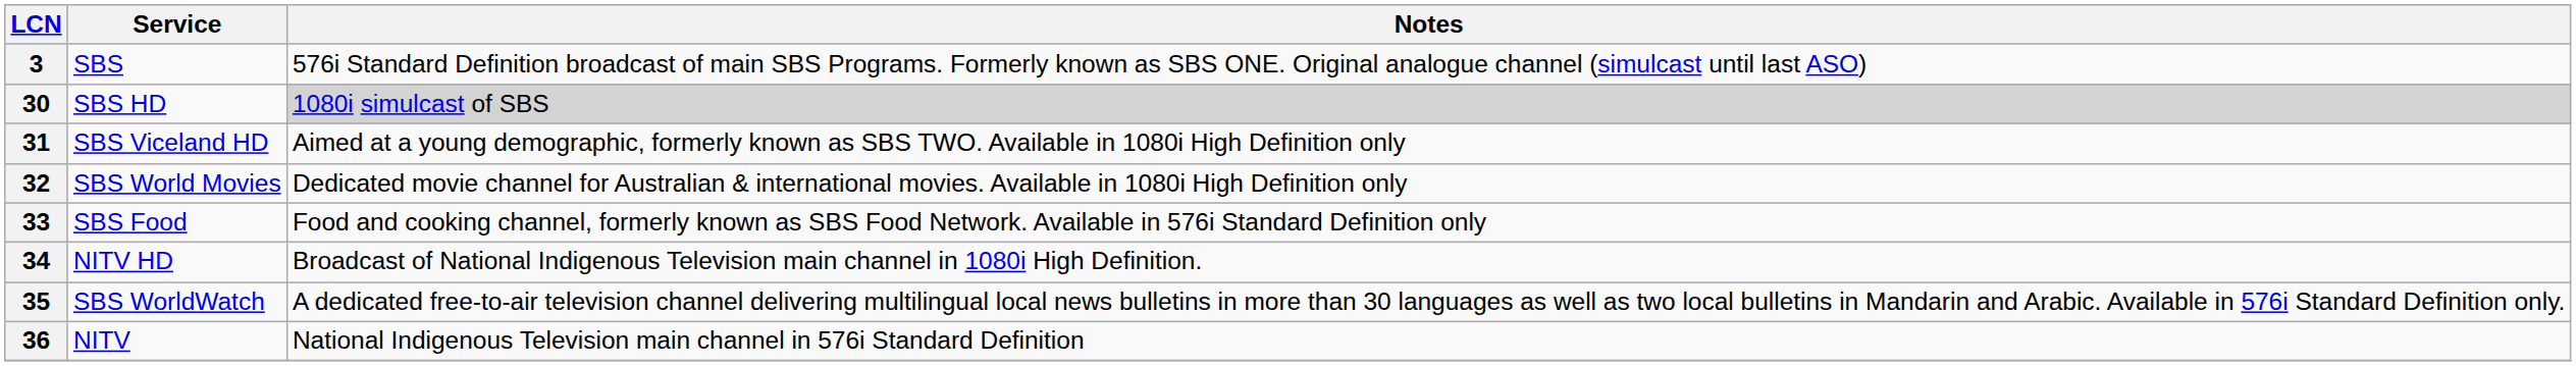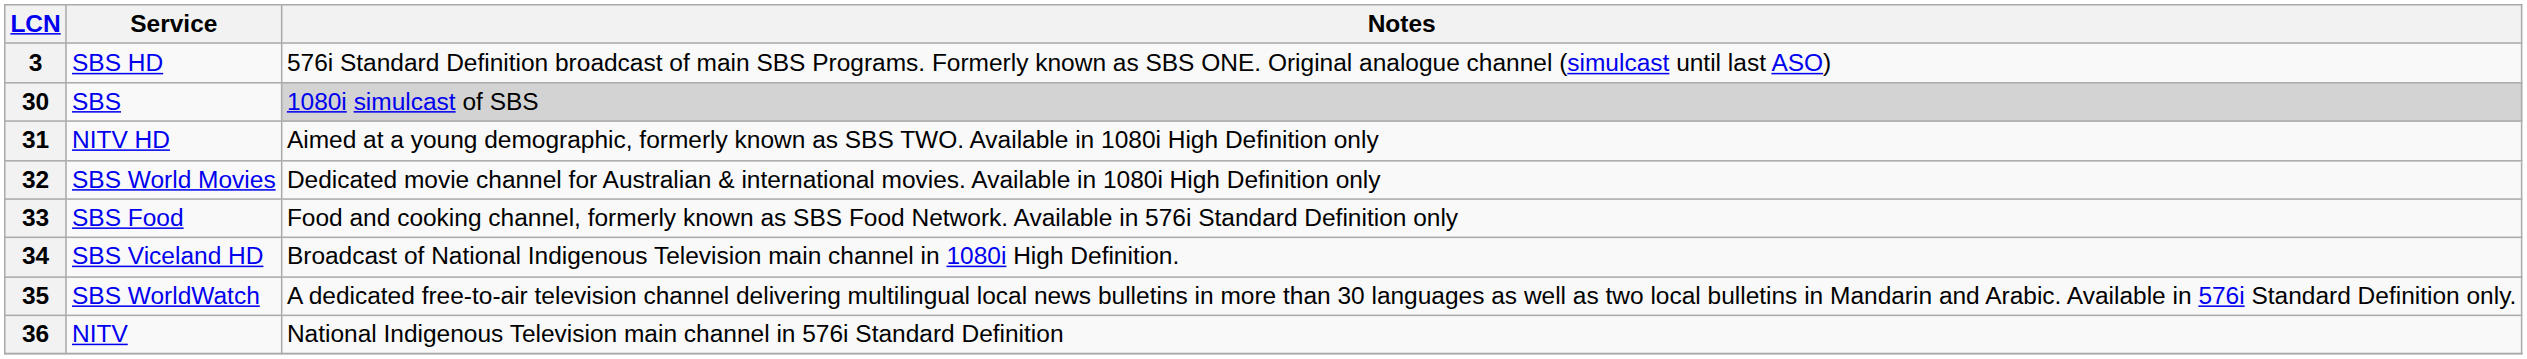 <table class="wikitable">
 <tr>
 <th><a href='#'>LCN</a></th>
 <th>Service</th>
 <th>Notes</th>
 </tr>
 <tr>
 <th>3</th>
-<td><a href='#'>SBS</a></td>
+<td><a href='#'>SBS HD</a></td>
 <td>576i Standard Definition broadcast of main SBS Programs. Formerly known as SBS ONE. Original analogue channel (<a href='#'>simulcast</a> until last <a href='#'>ASO</a>)</td>
 </tr>
 <tr>
 <th>30</th>
-<td><a href='#'>SBS HD</a></td>
+<td><a href='#'>SBS</a></td>
 <td style="background: lightgrey;"><a href='#'>1080i</a> <a href='#'>simulcast</a> of SBS</td>
 </tr>
 <tr>
 <th>31</th>
-<td><a href='#'>SBS Viceland HD</a></td>
+<td><a href='#'>NITV HD</a></td>
 <td>Aimed at a young demographic, formerly known as SBS TWO. Available in 1080i High Definition only</td>
 </tr>
 <tr>
 <th>32</th>
 <td><a href='#'>SBS World Movies</a></td>
 <td>Dedicated movie channel for Australian & international movies. Available in 1080i High Definition only</td>
 </tr>
 <tr>
 <th>33</th>
 <td><a href='#'>SBS Food</a></td>
 <td>Food and cooking channel, formerly known as SBS Food Network. Available in 576i Standard Definition only</td>
 </tr>
 <tr>
 <th>34</th>
-<td><a href='#'>NITV HD</a></td>
+<td><a href='#'>SBS Viceland HD</a></td>
 <td>Broadcast of National Indigenous Television main channel in <a href='#'>1080i</a> High Definition.</td>
 </tr>
 <tr>
 <th>35</th>
 <td><a href='#'>SBS WorldWatch</a></td>
 <td>A dedicated free-to-air television channel delivering multilingual local news bulletins in more than 30 languages as well as two local bulletins in Mandarin and Arabic. Available in <a href='#'>576i</a> Standard Definition only.</td>
 </tr>
 <tr>
 <th>36</th>
 <td><a href='#'>NITV</a></td>
 <td>National Indigenous Television main channel in 576i Standard Definition</td>
 </tr>
 <tr>
 </tr>
 </table>
